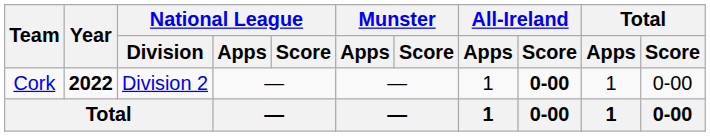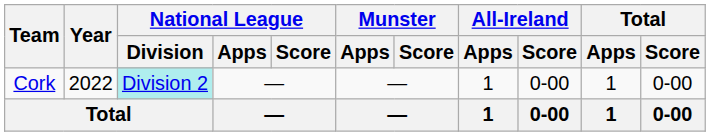 <table class="wikitable" style="text-align:center">
 <tr>
 <th rowspan="2">Team</th>
 <th rowspan="2">Year</th>
 <th colspan="3"><a href='#'>National League</a></th>
 <th colspan="2"><a href='#'>Munster</a></th>
 <th colspan="2"><a href='#'>All-Ireland</a></th>
 <th colspan="2">Total</th>
 </tr>
 <tr>
 <th>Division</th>
 <th>Apps</th>
 <th>Score</th>
 <th>Apps</th>
 <th>Score</th>
 <th>Apps</th>
 <th>Score</th>
 <th>Apps</th>
 <th>Score</th>
 </tr>
 <tr>
 <td rowspan="1"><a href='#'>Cork</a></td>
-<td><strong>2022</strong></td>
-<td rowspan="1"><a href='#'>Division 2</a></td>
+<td>2022</td>
+<td rowspan="1" style="background: paleturquoise;"><a href='#'>Division 2</a></td>
 <td colspan=2>—</td>
 <td colspan=2>—</td>
 <td>1</td>
-<td><strong>0-00</strong></td>
+<td>0-00</td>
 <td>1</td>
 <td>0-00</td>
 </tr>
 <tr>
 <th colspan="3">Total</th>
 <th colspan=2>—</th>
 <th colspan=2>—</th>
 <th>1</th>
 <th>0-00</th>
 <th>1</th>
 <th>0-00</th>
 </tr>
 </table>
